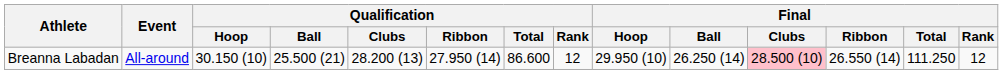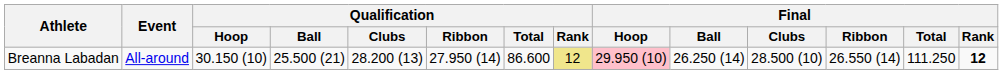 <table class=wikitable style="text-align:center; font-size:90%">
 <tr>
 <th rowspan=2>Athlete</th>
 <th rowspan=2>Event</th>
 <th colspan=6>Qualification</th>
 <th colspan=6>Final</th>
 </tr>
 <tr style="font-size:95%">
 <th>Hoop</th>
 <th>Ball</th>
 <th>Clubs</th>
 <th>Ribbon</th>
 <th>Total</th>
 <th>Rank</th>
 <th>Hoop</th>
 <th>Ball</th>
 <th>Clubs</th>
 <th>Ribbon</th>
 <th>Total</th>
 <th>Rank</th>
 </tr>
 <tr>
 <td align=left>Breanna Labadan</td>
 <td align=left><a href='#'>All-around</a></td>
 <td>30.150 (10)</td>
 <td>25.500 (21)</td>
 <td>28.200 (13)</td>
 <td>27.950 (14)</td>
 <td>86.600</td>
-<td>12 </td>
-<td>29.950 (10)</td>
+<td style="background: khaki;">12 </td>
+<td style="background: pink;">29.950 (10)</td>
 <td>26.250 (14)</td>
-<td style="background: pink;">28.500 (10)</td>
+<td>28.500 (10)</td>
 <td>26.550 (14)</td>
 <td>111.250</td>
-<td>12</td>
+<td><strong>12</strong></td>
 </tr>
 </table>
